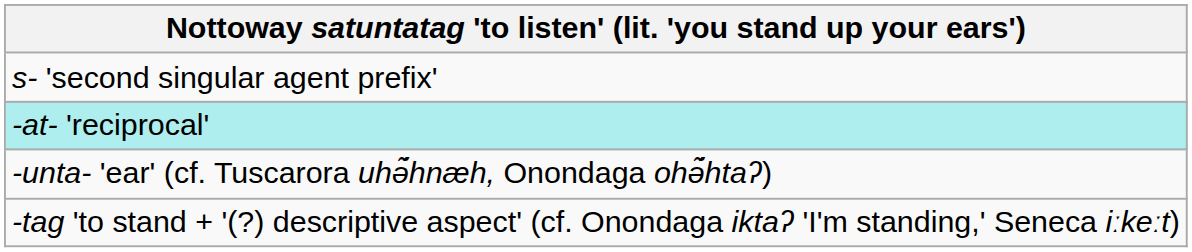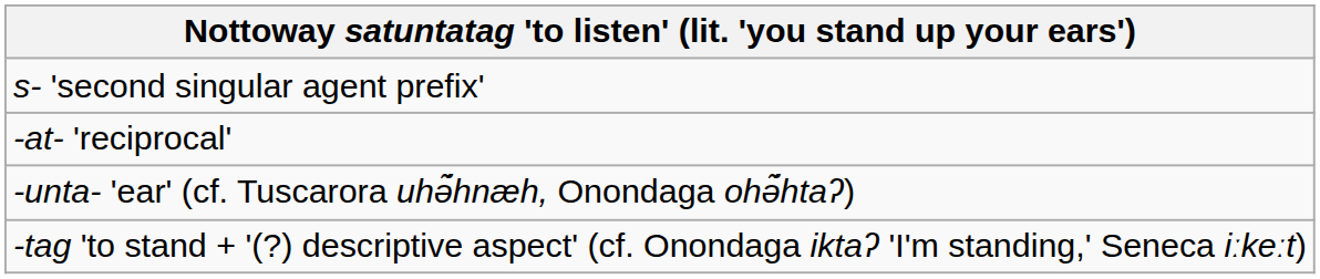 <table class="wikitable">
 <tr>
 <th>Nottoway <em>satuntatag</em> 'to listen' (lit. 'you stand up your ears')</th>
 </tr>
 <tr>
 <td><em>s-</em> 'second singular agent prefix'</td>
 </tr>
 <tr>
-<td style="background: paleturquoise;"><em>-at-</em> 'reciprocal'</td>
+<td><em>-at-</em> 'reciprocal'</td>
 </tr>
 <tr>
 <td><em>-unta-</em> 'ear' (cf. Tuscarora <em>uhə̃́hnæh,</em> Onondaga <em>ohə̃́htaʔ</em>)</td>
 </tr>
 <tr>
 <td><em>-tag</em> 'to stand + '(?) descriptive aspect' (cf. Onondaga <em>iktaʔ</em> 'I'm standing,' Seneca <em>iːkeːt</em>)</td>
 </tr>
 </table>
